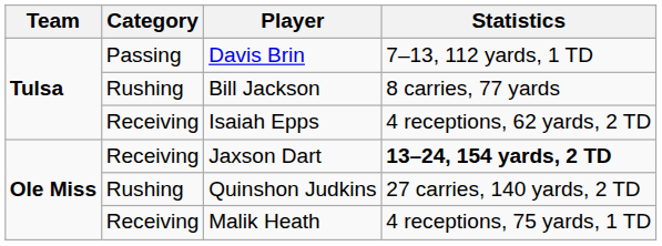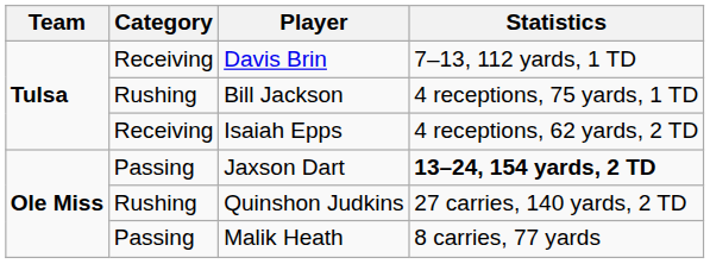 <table class="wikitable" style="float: right;">
 <tr>
 <th>Team</th>
 <th>Category</th>
 <th>Player</th>
 <th>Statistics</th>
 </tr>
 <tr>
 <td rowspan=3><strong>Tulsa</strong></td>
-<td>Passing</td>
+<td>Receiving</td>
 <td><a href='#'>Davis Brin</a></td>
 <td>7–13, 112 yards, 1 TD</td>
 </tr>
 <tr>
 <td>Rushing</td>
 <td>Bill Jackson</td>
-<td>8 carries, 77 yards</td>
+<td>4 receptions, 75 yards, 1 TD</td>
 </tr>
 <tr>
 <td>Receiving</td>
 <td>Isaiah Epps</td>
 <td>4 receptions, 62 yards, 2 TD</td>
 </tr>
 <tr>
 <td rowspan=3><strong>Ole Miss</strong></td>
-<td>Receiving</td>
+<td>Passing</td>
 <td>Jaxson Dart</td>
 <td><strong>13–24, 154 yards, 2 TD</strong></td>
 </tr>
 <tr>
 <td>Rushing</td>
 <td>Quinshon Judkins</td>
 <td>27 carries, 140 yards, 2 TD</td>
 </tr>
 <tr>
-<td>Receiving</td>
+<td>Passing</td>
 <td>Malik Heath</td>
-<td>4 receptions, 75 yards, 1 TD</td>
+<td>8 carries, 77 yards</td>
 </tr>
 </table>
